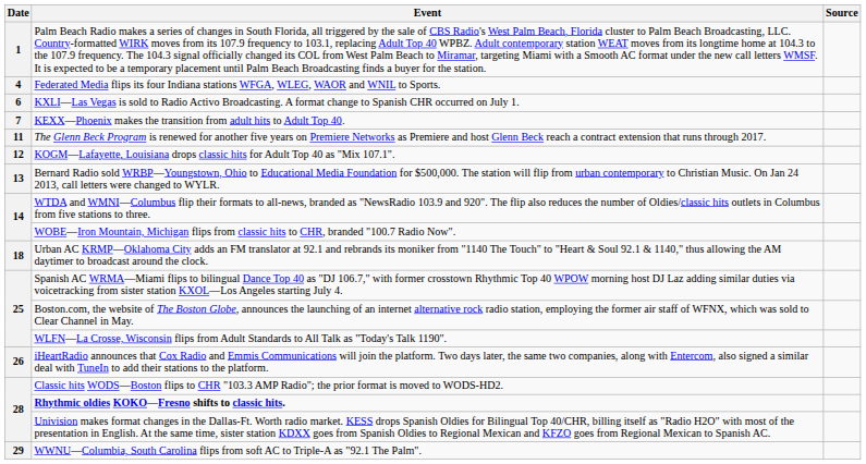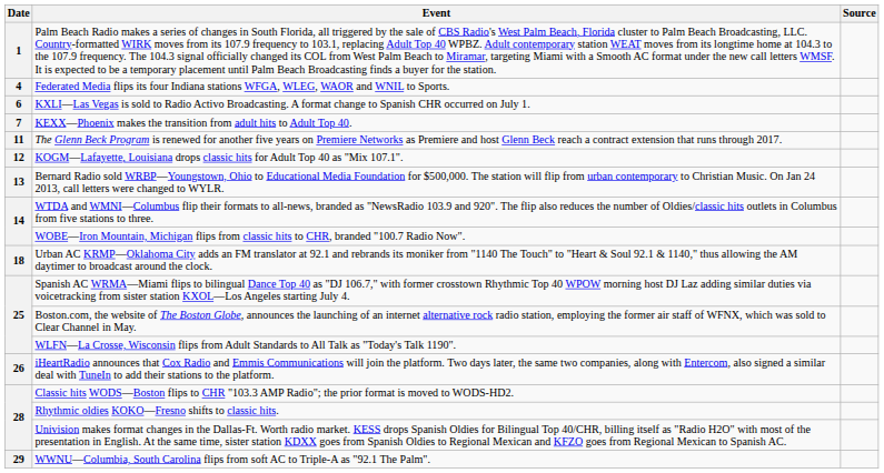 <table class=wikitable>
 <tr>
 <th>Date</th>
 <th>Event</th>
 <th>Source</th>
 </tr>
 <tr>
 <th>1</th>
 <td>Palm Beach Radio makes a series of changes in South Florida, all triggered by the sale of <a href='#'>CBS Radio</a>'s <a href='#'>West Palm Beach, Florida</a> cluster to Palm Beach Broadcasting, LLC. <a href='#'>Country</a>-formatted <a href='#'>WIRK</a> moves from its 107.9 frequency to 103.1, replacing <a href='#'>Adult Top 40</a> WPBZ. <a href='#'>Adult contemporary</a> station <a href='#'>WEAT</a> moves from its longtime home at 104.3 to the 107.9 frequency. The 104.3 signal officially changed its COL from West Palm Beach to <a href='#'>Miramar</a>, targeting Miami with a Smooth AC format under the new call letters <a href='#'>WMSF</a>. It is expected to be a temporary placement until Palm Beach Broadcasting finds a buyer for the station.</td>
 <td></td>
 </tr>
 <tr>
 <th>4</th>
 <td><a href='#'>Federated Media</a> flips its four Indiana stations <a href='#'>WFGA</a>, <a href='#'>WLEG</a>, <a href='#'>WAOR</a> and <a href='#'>WNIL</a> to Sports.</td>
 <td></td>
 </tr>
 <tr>
 <th>6</th>
 <td><a href='#'>KXLI</a>—<a href='#'>Las Vegas</a> is sold to Radio Activo Broadcasting. A format change to Spanish CHR occurred on July 1.</td>
 <td></td>
 </tr>
 <tr>
 <th>7</th>
 <td><a href='#'>KEXX</a>—<a href='#'>Phoenix</a> makes the transition from <a href='#'>adult hits</a> to <a href='#'>Adult Top 40</a>.</td>
 <td></td>
 </tr>
 <tr>
 <th>11</th>
 <td><em>The <a href='#'>Glenn Beck Program</a></em> is renewed for another five years on <a href='#'>Premiere Networks</a> as Premiere and host <a href='#'>Glenn Beck</a> reach a contract extension that runs through 2017.</td>
 <td></td>
 </tr>
 <tr>
 <th>12</th>
 <td><a href='#'>KOGM</a>—<a href='#'>Lafayette, Louisiana</a> drops <a href='#'>classic hits</a> for Adult Top 40 as "Mix 107.1".</td>
 <td></td>
 </tr>
 <tr>
 <th>13</th>
 <td>Bernard Radio sold <a href='#'>WRBP</a>—<a href='#'>Youngstown, Ohio</a> to <a href='#'>Educational Media Foundation</a> for $500,000. The station will flip from <a href='#'>urban contemporary</a> to Christian Music. On Jan 24 2013, call letters were changed to WYLR.</td>
 <td></td>
 </tr>
 <tr>
 <th rowspan="2">14</th>
 <td><a href='#'>WTDA</a> and <a href='#'>WMNI</a>—<a href='#'>Columbus</a> flip their formats to all-news, branded as "NewsRadio 103.9 and 920". The flip also reduces the number of Oldies/<a href='#'>classic hits</a> outlets in Columbus from five stations to three.</td>
 <td></td>
 </tr>
 <tr>
 <td><a href='#'>WOBE</a>—<a href='#'>Iron Mountain, Michigan</a> flips from <a href='#'>classic hits</a> to <a href='#'>CHR</a>, branded "100.7 Radio Now".</td>
 <td></td>
 </tr>
 <tr>
 <th>18</th>
 <td>Urban AC <a href='#'>KRMP</a>—<a href='#'>Oklahoma City</a> adds an FM translator at 92.1 and rebrands its moniker from "1140 The Touch" to "Heart & Soul 92.1 & 1140," thus allowing the AM daytimer to broadcast around the clock.</td>
 <td></td>
 </tr>
 <tr>
 <th rowspan="3">25</th>
 <td>Spanish AC <a href='#'>WRMA</a>—Miami flips to bilingual <a href='#'>Dance Top 40</a> as "DJ 106.7," with former crosstown Rhythmic Top 40 <a href='#'>WPOW</a> morning host DJ Laz adding similar duties via voicetracking from sister station <a href='#'>KXOL</a>—Los Angeles starting July 4.</td>
 <td></td>
 </tr>
 <tr>
 <td>Boston.com, the website of <em><a href='#'>The Boston Globe</a></em>, announces the launching of an internet <a href='#'>alternative rock</a> radio station, employing the former air staff of WFNX, which was sold to Clear Channel in May.</td>
 <td></td>
 </tr>
 <tr>
 <td><a href='#'>WLFN</a>—<a href='#'>La Crosse, Wisconsin</a> flips from Adult Standards to All Talk as "Today's Talk 1190".</td>
 <td></td>
 </tr>
 <tr>
 <th>26</th>
 <td><a href='#'>iHeartRadio</a> announces that <a href='#'>Cox Radio</a> and <a href='#'>Emmis Communications</a> will join the platform. Two days later, the same two companies, along with <a href='#'>Entercom</a>, also signed a similar deal with <a href='#'>TuneIn</a> to add their stations to the platform.</td>
 <td></td>
 </tr>
 <tr>
 <th rowspan="3">28</th>
 <td><a href='#'>Classic hits</a> <a href='#'>WODS</a>—<a href='#'>Boston</a> flips to <a href='#'>CHR</a> "103.3 AMP Radio"; the prior format is moved to WODS-HD2.</td>
 <td></td>
 </tr>
 <tr>
-<td><strong><a href='#'>Rhythmic oldies</a> <a href='#'>KOKO</a>—<a href='#'>Fresno</a> shifts to <a href='#'>classic hits</a>.</strong></td>
+<td><a href='#'>Rhythmic oldies</a> <a href='#'>KOKO</a>—<a href='#'>Fresno</a> shifts to <a href='#'>classic hits</a>.</td>
 <td></td>
 </tr>
 <tr>
 <td><a href='#'>Univision</a> makes format changes in the Dallas-Ft. Worth radio market. <a href='#'>KESS</a> drops Spanish Oldies for Bilingual Top 40/CHR, billing itself as "Radio H2O" with most of the presentation in English. At the same time, sister station <a href='#'>KDXX</a> goes from Spanish Oldies to Regional Mexican and <a href='#'>KFZO</a> goes from Regional Mexican to Spanish AC.</td>
 <td></td>
 </tr>
 <tr>
 <th rowspan="2">29</th>
 <td><a href='#'>WWNU</a>—<a href='#'>Columbia, South Carolina</a> flips from soft AC to Triple-A as "92.1 The Palm".</td>
 <td></td>
 </tr>
 </table>
